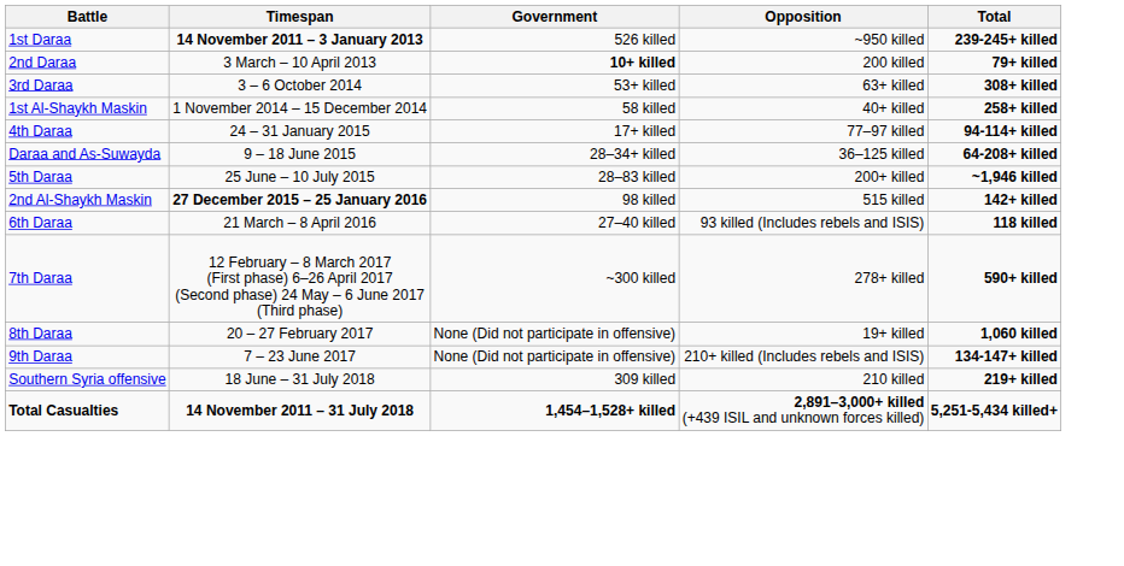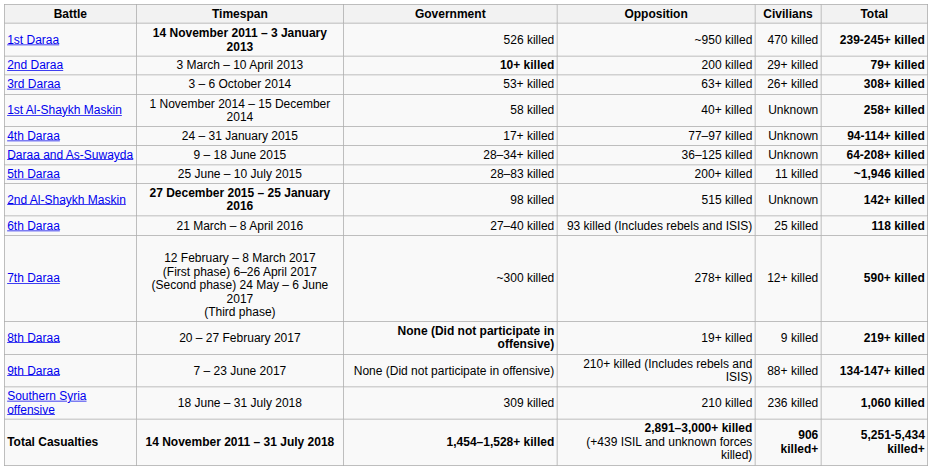 <table class="wikitable" style="float: center; margin-left: 1em;">
 <tr>
 <th>Battle</th>
 <th>Timespan</th>
 <th>Government</th>
 <th>Opposition</th>
+<th>Civilians</th>
 <th>Total</th>
 </tr>
 <tr>
 <td><a href='#'>1st Daraa</a></td>
 <td style="text-align: center;"><strong>14 November 2011 – 3 January 2013</strong></td>
 <td style="text-align: right;">526 killed</td>
 <td style="text-align: right;">~950 killed</td>
+<td style="text-align: right;">470 killed</td>
 <td style="text-align: right;"><strong>239-245+ killed</strong></td>
 </tr>
 <tr>
 <td><a href='#'>2nd Daraa</a></td>
 <td style="text-align: center;">3 March – 10 April 2013</td>
 <td style="text-align: right;"><strong>10+ killed</strong></td>
 <td style="text-align: right;">200 killed</td>
+<td style="text-align: right;">29+ killed</td>
 <td style="text-align: right;"><strong>79+ killed</strong></td>
 </tr>
 <tr>
 <td><a href='#'>3rd Daraa</a></td>
 <td style="text-align: center;">3 – 6 October 2014</td>
 <td style="text-align: right;">53+ killed</td>
 <td style="text-align: right;">63+ killed</td>
+<td style="text-align: right;">26+ killed</td>
 <td style="text-align: right;"><strong>308+ killed</strong></td>
 </tr>
 <tr>
 <td><a href='#'>1st Al-Shaykh Maskin</a></td>
 <td style="text-align: center;">1 November 2014 – 15 December 2014</td>
 <td style="text-align: right;">58 killed</td>
 <td style="text-align: right;">40+ killed</td>
+<td style="text-align: right;">Unknown</td>
 <td style="text-align: right;"><strong>258+ killed</strong></td>
 </tr>
 <tr>
 <td><a href='#'>4th Daraa</a></td>
 <td style="text-align: center;">24 – 31 January 2015</td>
 <td style="text-align: right;">17+ killed</td>
 <td style="text-align: right;">77–97 killed</td>
+<td style="text-align: right;">Unknown</td>
 <td style="text-align: right;"><strong>94-114+ killed</strong></td>
 </tr>
 <tr>
 <td><a href='#'>Daraa and As-Suwayda</a></td>
 <td style="text-align: center;">9 – 18 June 2015</td>
 <td style="text-align: right;">28–34+ killed</td>
 <td style="text-align: right;">36–125 killed</td>
+<td style="text-align: right;">Unknown</td>
 <td style="text-align: right;"><strong>64-208+ killed</strong></td>
 </tr>
 <tr>
 <td><a href='#'>5th Daraa</a></td>
 <td style="text-align: center;">25 June – 10 July 2015</td>
 <td style="text-align: right;">28–83 killed</td>
 <td style="text-align: right;">200+ killed</td>
+<td style="text-align: right;">11 killed</td>
 <td style="text-align: right;"><strong>~1,946 killed</strong></td>
 </tr>
 <tr>
 <td><a href='#'>2nd Al-Shaykh Maskin</a></td>
 <td style="text-align: center;"><strong>27 December 2015 – 25 January 2016</strong></td>
 <td style="text-align: right;">98 killed</td>
 <td style="text-align: right;">515 killed</td>
+<td style="text-align: right;">Unknown</td>
 <td style="text-align: right;"><strong>142+ killed</strong></td>
 </tr>
 <tr>
 <td><a href='#'>6th Daraa</a></td>
 <td style="text-align: center;">21 March – 8 April 2016</td>
 <td style="text-align: right;">27–40 killed</td>
 <td style="text-align: right;">93 killed (Includes rebels and ISIS)</td>
+<td style="text-align: right;">25 killed</td>
 <td style="text-align: right;"><strong>118 killed</strong></td>
 </tr>
 <tr>
 <td><a href='#'>7th Daraa</a></td>
 <td style="text-align: center;"><br>12 February – 8 March 2017<br>(First phase) 6–26 April 2017<br>(Second phase) 24 May – 6 June 2017<br>(Third phase)</td>
 <td style="text-align: right;">~300 killed</td>
 <td style="text-align: right;">278+ killed</td>
+<td style="text-align: right;">12+ killed</td>
 <td style="text-align: right;"><strong>590+ killed</strong></td>
 </tr>
 <tr>
 <td><a href='#'>8th Daraa</a></td>
 <td style="text-align: center;">20 – 27 February 2017</td>
-<td style="text-align: right;">None (Did not participate in offensive)</td>
+<td style="text-align: right;"><strong>None (Did not participate in offensive)</strong></td>
 <td style="text-align: right;">19+ killed</td>
-<td style="text-align: right;"><strong>1,060 killed</strong></td>
+<td style="text-align: right;">9 killed</td>
+<td style="text-align: right;"><strong>219+ killed</strong></td>
 </tr>
 <tr>
 <td><a href='#'>9th Daraa</a></td>
 <td style="text-align: center;">7 – 23 June 2017</td>
 <td style="text-align: right;">None (Did not participate in offensive)</td>
 <td style="text-align: right;">210+ killed (Includes rebels and ISIS)</td>
+<td style="text-align: right;">88+ killed</td>
 <td style="text-align: right;"><strong>134-147+ killed</strong></td>
 </tr>
 <tr>
 <td><a href='#'>Southern Syria offensive</a></td>
 <td style="text-align: center;">18 June – 31 July 2018</td>
 <td style="text-align: right;">309 killed</td>
 <td style="text-align: right;">210 killed</td>
-<td style="text-align: right;"><strong>219+ killed</strong></td>
+<td style="text-align: right;">236 killed</td>
+<td style="text-align: right;"><strong>1,060 killed</strong></td>
 </tr>
 <tr>
 <td><strong>Total Casualties</strong></td>
 <td style="text-align: center;"><strong>14 November 2011 – 31 July 2018</strong></td>
 <td style="text-align: right;"><strong>1,454–1,528+ killed</strong></td>
 <td style="text-align: right;"><strong>2,891–3,000+ killed</strong><br>(+439 ISIL and unknown forces killed)</td>
+<td style="text-align: right;"><strong>906 killed+</strong></td>
 <td style="text-align: right;"><strong>5,251-5,434 killed+</strong></td>
 </tr>
 </table>
